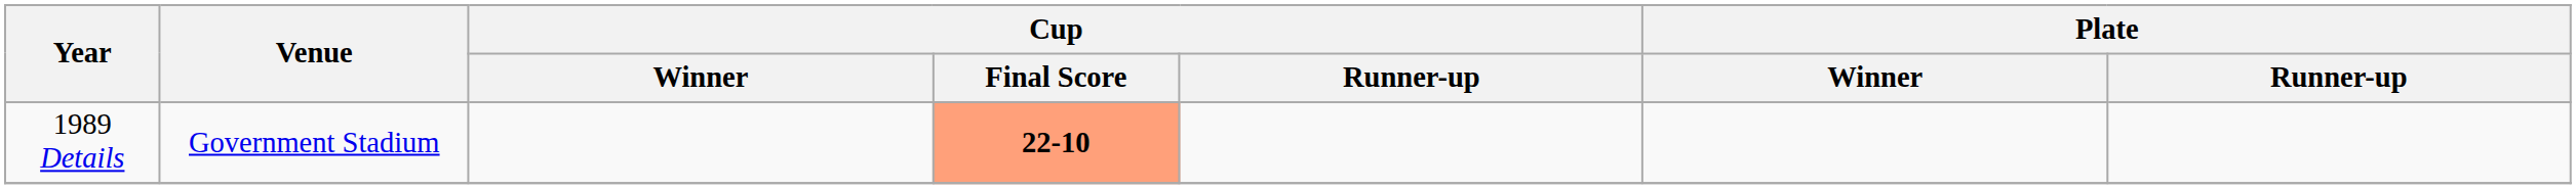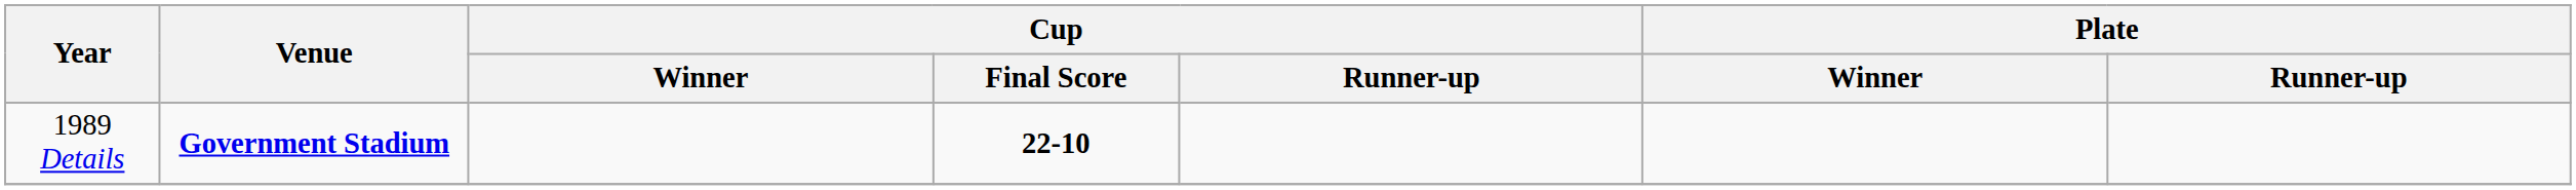 <table class="wikitable" style="font-size:90%; width: 100%; text-align: center;">
 <tr>
 <th rowspan=2 width=5%>Year</th>
 <th rowspan=2 width=10%>Venue</th>
 <th colspan=3>Cup</th>
 <th colspan=2>Plate</th>
 </tr>
 <tr>
 <th width=15%>Winner</th>
 <th width=8%>Final Score</th>
 <th width=15%>Runner-up</th>
 <th width=15%>Winner</th>
 <th width=15%>Runner-up</th>
 </tr>
 <tr>
 <td>1989<br> <em><a href='#'>Details</a></em></td>
-<td><a href='#'>Government Stadium</a></td>
+<td><strong><a href='#'>Government Stadium</a></strong></td>
 <td><strong></strong></td>
-<td style="background: lightsalmon;"><strong>22-10</strong></td>
+<td><strong>22-10</strong></td>
 <td></td>
 <td></td>
 <td></td>
 </tr>
 <tr>
 </tr>
 </table>
